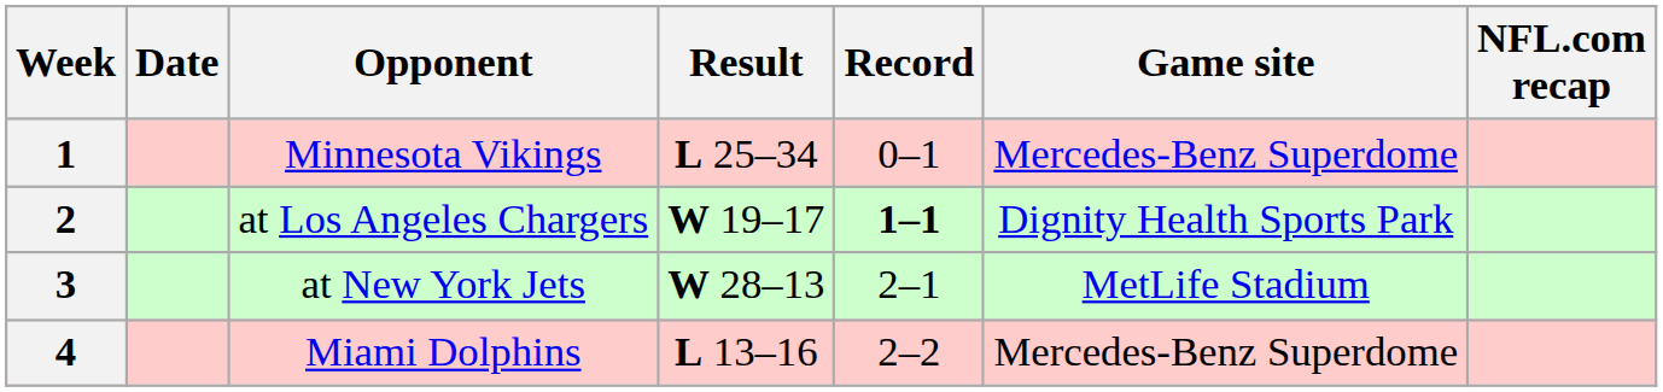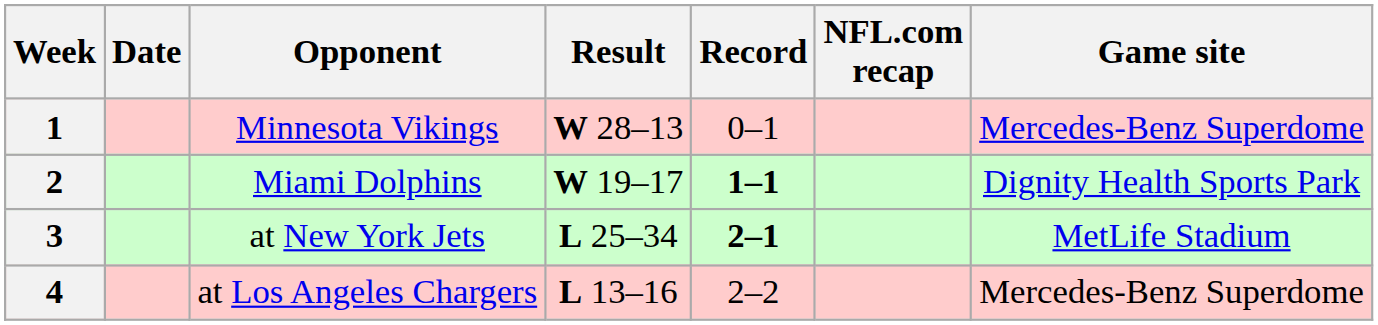 <table class="wikitable" style="text-align:center">
 <tr>
 <th>Week</th>
 <th>Date</th>
 <th>Opponent</th>
 <th>Result</th>
 <th>Record</th>
+<th>NFL.com<br>recap</th>
 <th>Game site</th>
-<th>NFL.com<br>recap</th>
 </tr>
 <tr style="background:#fcc">
 <th>1</th>
 <td></td>
 <td><a href='#'>Minnesota Vikings</a></td>
-<td><strong>L</strong> 25–34</td>
+<td><strong>W</strong> 28–13</td>
 <td>0–1</td>
+<td></td>
 <td><a href='#'>Mercedes-Benz Superdome</a></td>
-<td></td>
 </tr>
 <tr style="background:#cfc">
 <th>2</th>
 <td></td>
-<td>at <a href='#'>Los Angeles Chargers</a></td>
+<td><a href='#'>Miami Dolphins</a></td>
 <td><strong>W</strong> 19–17</td>
 <td><strong>1–1</strong></td>
+<td></td>
 <td><a href='#'>Dignity Health Sports Park</a></td>
-<td></td>
 </tr>
 <tr style="background:#cfc">
 <th>3</th>
 <td></td>
 <td>at <a href='#'>New York Jets</a></td>
-<td><strong>W</strong> 28–13</td>
-<td>2–1</td>
+<td><strong>L</strong> 25–34</td>
+<td><strong>2–1</strong></td>
+<td></td>
 <td><a href='#'>MetLife Stadium</a></td>
-<td></td>
 </tr>
 <tr style="background:#fcc">
 <th>4</th>
 <td></td>
-<td><a href='#'>Miami Dolphins</a></td>
+<td>at <a href='#'>Los Angeles Chargers</a></td>
 <td><strong>L</strong> 13–16</td>
 <td>2–2</td>
+<td></td>
 <td>Mercedes-Benz Superdome</td>
-<td></td>
 </tr>
 </table>
